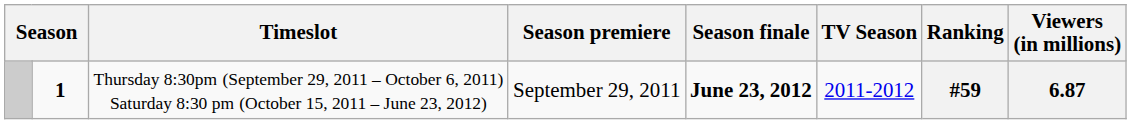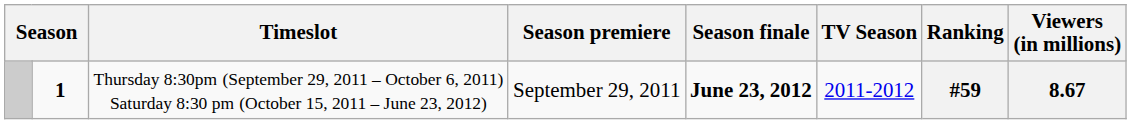 <table class="wikitable">
 <tr style="background:#e0e0e0;">
 <th style="padding: 0 8px;" colspan="2">Season</th>
 <th>Timeslot</th>
 <th>Season premiere</th>
 <th>Season finale</th>
 <th>TV Season</th>
 <th>Ranking</th>
 <th>Viewers<br>(in millions)</th>
 </tr>
 <tr style="background:#f9f9f9;">
 <td style="background:#CCCCCC; height:10px;"></td>
 <td style="text-align:center"><strong>1</strong></td>
 <td style="text-align:center;"><small>Thursday 8:30pm</small> <small>(September 29, 2011 – October 6, 2011)</small><br><small>Saturday 8:30 pm</small> <small>(October 15, 2011 – June 23, 2012)</small></td>
 <td>September 29, 2011</td>
 <td><strong>June 23, 2012</strong></td>
 <td style="text-align:center"><a href='#'>2011-2012</a></td>
 <th style="text-align:center"><strong>#59</strong></th>
-<th style="text-align:center"><strong>6.87</strong></th>
+<th style="text-align:center"><strong>8.67</strong></th>
 </tr>
 </table>
